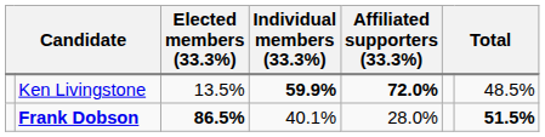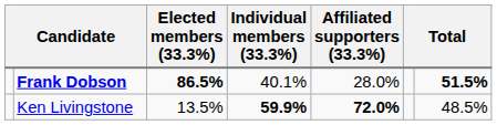 <table class="wikitable" style="font-size: 95%;">
 <tr>
 <th colspan="2" scope="col" rowspan="1" width="125">Candidate</th>
 <th scope="col" colspan="1" width="65">Elected  <br> members <br> (33.3%)</th>
 <th scope="col" colspan="1" width="65">Individual  <br>members <br> (33.3%)</th>
 <th scope="col" colspan="1" width="65">Affiliated  <br>supporters <br> (33.3%)</th>
 <th scope="col" colspan="2" width="75">Total</th>
 </tr>
 <tr style="background-color:#E9E9E9; border-bottom: 2px solid gray;">
 </tr>
 <tr align="right">
 <td style="background-color: "></td>
+<td scope="row" align="left"><strong><a href='#'>Frank Dobson</a></strong> </td>
+<td><strong>86.5%</strong></td>
+<td>40.1%</td>
+<td>28.0%</td>
+<td align=center></td>
+<td><strong>51.5%</strong></td>
+</tr>
+<tr align="right">
+<td style="background-color: "></td>
 <td scope="row" align="left"><a href='#'>Ken Livingstone</a></td>
 <td>13.5%</td>
 <td><strong>59.9%</strong></td>
 <td><strong>72.0%</strong></td>
 <td align=center></td>
 <td>48.5%</td>
 </tr>
-<tr align="right">
-<td style="background-color: "></td>
-<td scope="row" align="left"><strong><a href='#'>Frank Dobson</a></strong> </td>
-<td><strong>86.5%</strong></td>
-<td>40.1%</td>
-<td>28.0%</td>
-<td align=center></td>
-<td><strong>51.5%</strong></td>
-</tr>
 </table>
